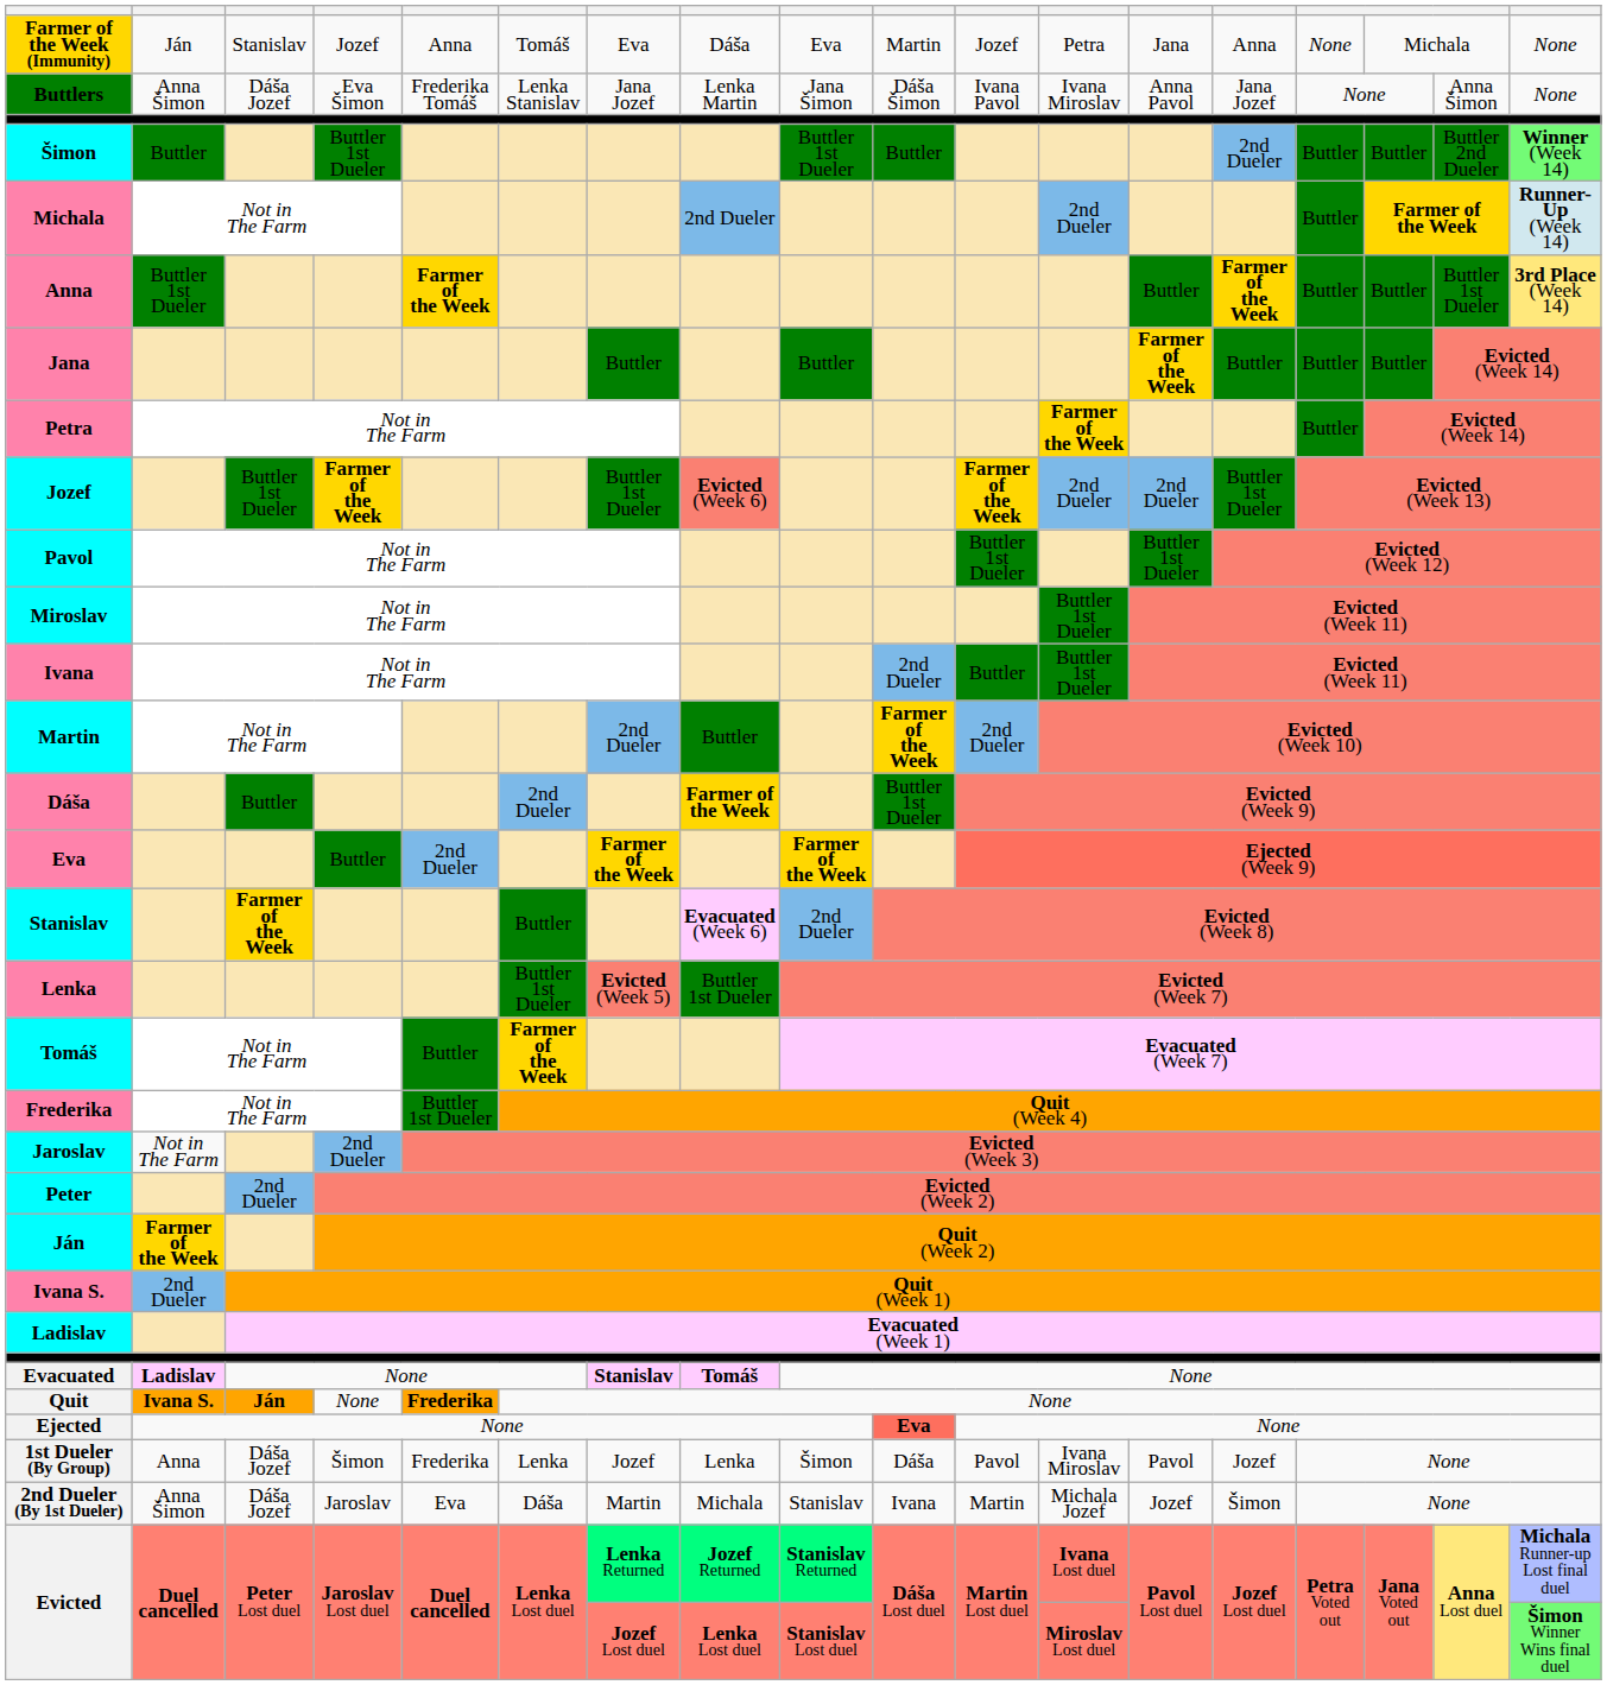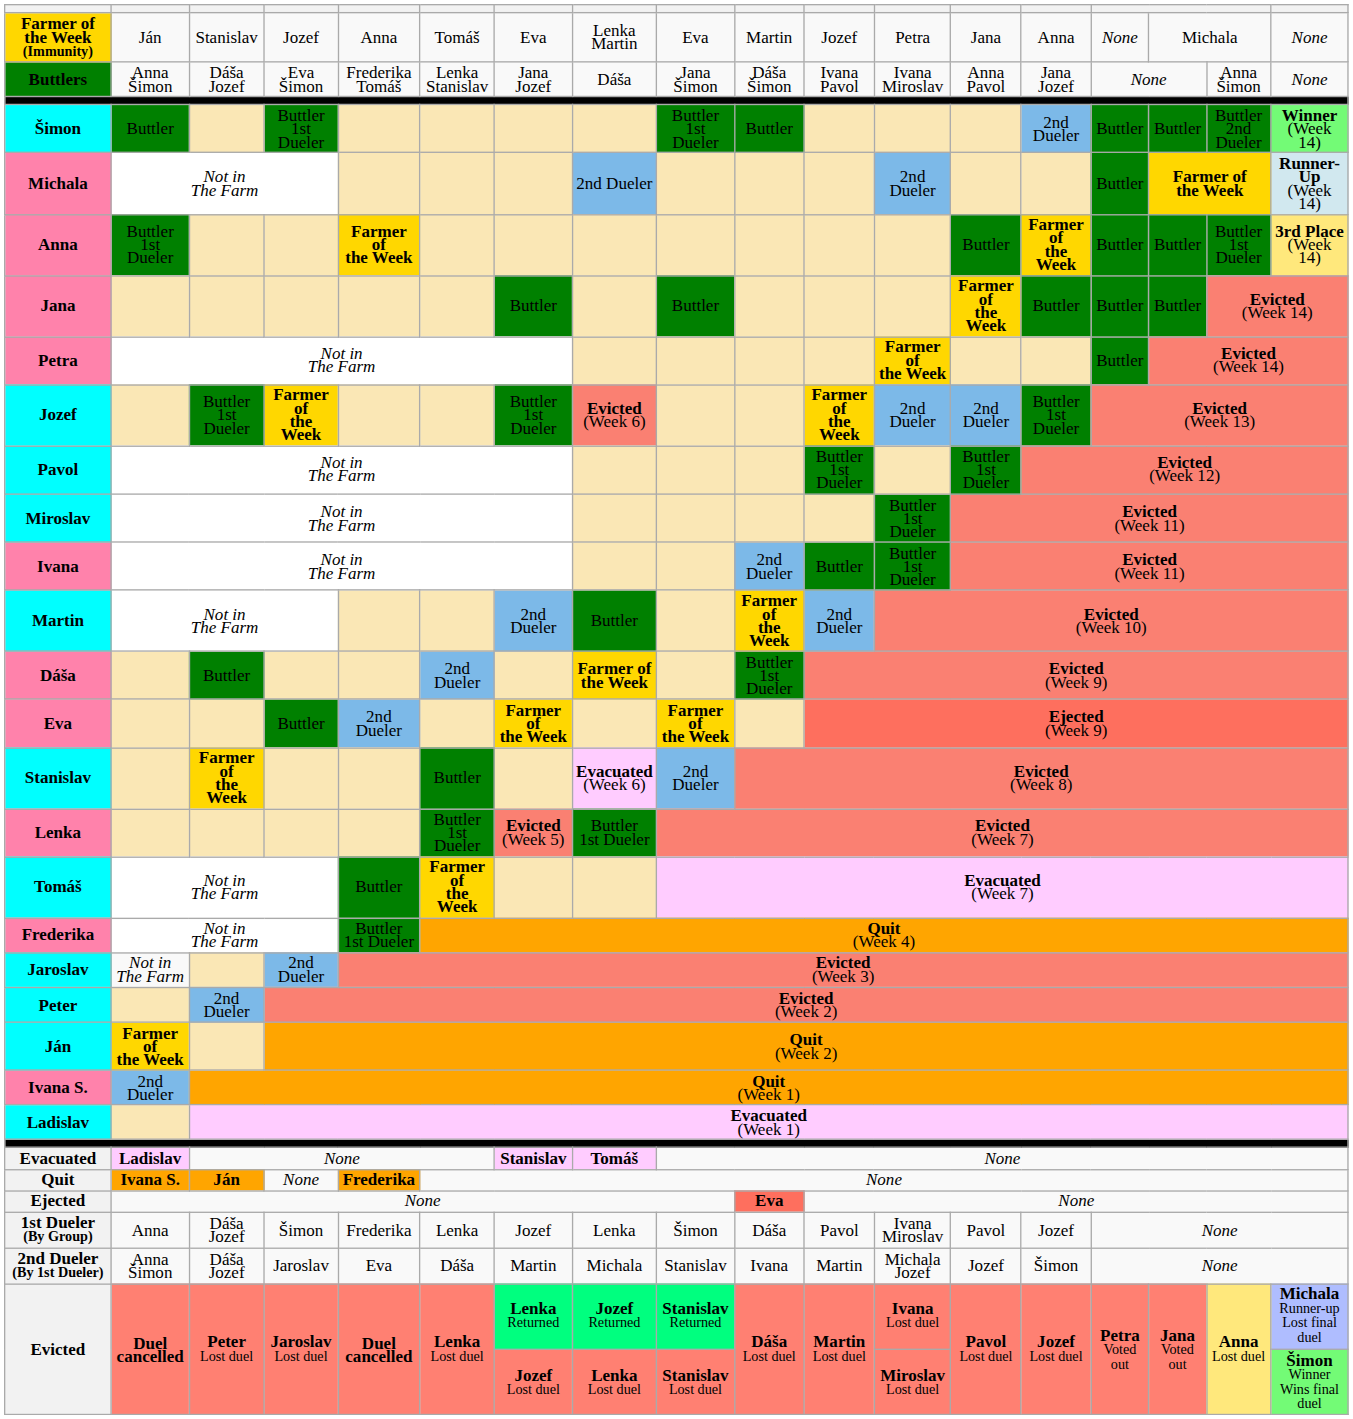 <table class="wikitable" style="text-align:center; width:80%; font-size:80%; line-height:10px">
 <tr>
 <th></th>
 <th></th>
 <th></th>
 <th></th>
 <th></th>
 <th></th>
 <th></th>
 <th></th>
 <th></th>
 <th></th>
 <th></th>
 <th></th>
 <th></th>
 <th></th>
 <th colspan=3></th>
 <th></th>
 </tr>
 <tr>
 <th style="background:gold;" colspan=1>Farmer of the Week<br><small>(Immunity)</small></th>
 <td>Ján</td>
 <td>Stanislav</td>
 <td>Jozef</td>
 <td>Anna</td>
 <td>Tomáš</td>
 <td>Eva</td>
-<td>Dáša</td>
+<td>Lenka<br>Martin</td>
 <td>Eva</td>
 <td>Martin</td>
 <td>Jozef</td>
 <td>Petra</td>
 <td>Jana</td>
 <td>Anna</td>
 <td><em>None</em></td>
 <td colspan=2>Michala</td>
 <td><em>None</em></td>
 </tr>
 <tr>
 <th style="background:#008000;">Buttlers</th>
 <td>Anna<br>Šimon</td>
 <td>Dáša<br>Jozef</td>
 <td>Eva<br>Šimon</td>
 <td>Frederika<br>Tomáš</td>
 <td>Lenka<br>Stanislav</td>
 <td>Jana<br>Jozef</td>
-<td>Lenka<br>Martin</td>
+<td>Dáša</td>
 <td>Jana<br>Šimon</td>
 <td>Dáša<br>Šimon</td>
 <td>Ivana<br>Pavol</td>
 <td>Ivana<br>Miroslav</td>
 <td>Anna<br>Pavol</td>
 <td>Jana<br>Jozef</td>
 <td colspan=2><em>None</em></td>
 <td>Anna<br>Šimon</td>
 <td colspan=2><em>None</em></td>
 </tr>
 <tr>
 <th style="background:#000000;" colspan="18"></th>
 </tr>
 <tr>
 <th style="background:cyan;">Šimon</th>
 <td style="background:#008000;">Buttler</td>
 <td style="background:#FAE7B5;"></td>
 <td style="background:#008000;">Buttler<br>1st Dueler</td>
 <td style="background:#FAE7B5;"></td>
 <td style="background:#FAE7B5;"></td>
 <td style="background:#FAE7B5;"></td>
 <td style="background:#FAE7B5;"></td>
 <td style="background:#008000;">Buttler<br>1st Dueler</td>
 <td style="background:#008000;">Buttler</td>
 <td style="background:#FAE7B5;"></td>
 <td style="background:#FAE7B5;"></td>
 <td style="background:#FAE7B5;"></td>
 <td style="background:#7CB9E8;">2nd Dueler</td>
 <td style="background:#008000;">Buttler</td>
 <td style="background:#008000;">Buttler</td>
 <td style="background:#008000;">Buttler<br>2nd Dueler</td>
 <td style="background:#73FB76" colspan=2><strong>Winner</strong> <br> (Week 14)</td>
 </tr>
 <tr>
 <th style="background:#FF82AB;">Michala</th>
 <td style="background:#FFFFFF; text-align:center;" colspan=3><em>Not in<br>The Farm</em></td>
 <td style="background:#FAE7B5;"></td>
 <td style="background:#FAE7B5;"></td>
 <td style="background:#FAE7B5;"></td>
 <td style="background:#7CB9E8;">2nd Dueler</td>
 <td style="background:#FAE7B5;"></td>
 <td style="background:#FAE7B5;"></td>
 <td style="background:#FAE7B5;"></td>
 <td style="background:#7CB9E8;">2nd Dueler</td>
 <td style="background:#FAE7B5;"></td>
 <td style="background:#FAE7B5;"></td>
 <td style="background:#008000;">Buttler</td>
 <td style="background:gold;" colspan=2><strong>Farmer of<br>the Week</strong></td>
 <td style="background:#D1E8EF" colspan=2><strong>Runner-Up</strong> <br> (Week 14)</td>
 </tr>
 <tr>
 <th style="background:#FF82AB;">Anna</th>
 <td style="background:#008000;">Buttler<br>1st Dueler</td>
 <td style="background:#FAE7B5;"></td>
 <td style="background:#FAE7B5;"></td>
 <td style="background:gold;"><strong>Farmer of<br>the Week</strong></td>
 <td style="background:#FAE7B5;"></td>
 <td style="background:#FAE7B5;"></td>
 <td style="background:#FAE7B5;"></td>
 <td style="background:#FAE7B5;"></td>
 <td style="background:#FAE7B5;"></td>
 <td style="background:#FAE7B5;"></td>
 <td style="background:#FAE7B5;"></td>
 <td style="background:#008000;">Buttler</td>
 <td style="background:gold;"><strong>Farmer of<br>the Week</strong></td>
 <td style="background:#008000;">Buttler</td>
 <td style="background:#008000;">Buttler</td>
 <td style="background:#008000;">Buttler<br>1st Dueler</td>
 <td style="background:#FFE87C" colspan=2><strong>3rd Place</strong> <br> (Week 14)</td>
 </tr>
 <tr>
 <th style="background:#FF82AB;">Jana</th>
 <td style="background:#FAE7B5;"></td>
 <td style="background:#FAE7B5;"></td>
 <td style="background:#FAE7B5;"></td>
 <td style="background:#FAE7B5;"></td>
 <td style="background:#FAE7B5;"></td>
 <td style="background:#008000;">Buttler</td>
 <td style="background:#FAE7B5;"></td>
 <td style="background:#008000;">Buttler</td>
 <td style="background:#FAE7B5;"></td>
 <td style="background:#FAE7B5;"></td>
 <td style="background:#FAE7B5;"></td>
 <td style="background:gold;"><strong>Farmer of<br>the Week</strong></td>
 <td style="background:#008000;">Buttler</td>
 <td style="background:#008000;">Buttler</td>
 <td style="background:#008000;">Buttler</td>
 <td colspan=16 style="background:salmon;"><strong>Evicted</strong> <br> (Week 14)</td>
 </tr>
 <tr>
 <th style="background:#FF82AB;">Petra</th>
 <td style="background:#FFFFFF; text-align:center;" colspan=6><em>Not in<br>The Farm</em></td>
 <td style="background:#FAE7B5;"></td>
 <td style="background:#FAE7B5;"></td>
 <td style="background:#FAE7B5;"></td>
 <td style="background:#FAE7B5;"></td>
 <td style="background:gold;"><strong>Farmer of<br>the Week</strong></td>
 <td style="background:#FAE7B5;"></td>
 <td style="background:#FAE7B5;"></td>
 <td style="background:#008000;">Buttler</td>
 <td colspan=16 style="background:salmon;"><strong>Evicted</strong> <br> (Week 14)</td>
 </tr>
 <tr>
 <th style="background:cyan;">Jozef</th>
 <td style="background:#FAE7B5;"></td>
 <td style="background:#008000;">Buttler<br>1st Dueler</td>
 <td style="background:gold;"><strong>Farmer of<br>the Week</strong></td>
 <td style="background:#FAE7B5;"></td>
 <td style="background:#FAE7B5;"></td>
 <td style="background:#008000;">Buttler<br>1st Dueler</td>
 <td style="background:salmon;"><strong>Evicted</strong> <br> (Week 6)</td>
 <td style="background:#FAE7B5;"></td>
 <td style="background:#FAE7B5;"></td>
 <td style="background:gold;"><strong>Farmer of<br>the Week</strong></td>
 <td style="background:#7CB9E8;">2nd Dueler</td>
 <td style="background:#7CB9E8;">2nd Dueler</td>
 <td style="background:#008000;">Buttler<br>1st Dueler</td>
 <td colspan=16 style="background:salmon;"><strong>Evicted</strong> <br> (Week 13)</td>
 </tr>
 <tr>
 <th style="background:cyan;">Pavol</th>
 <td style="background:#FFFFFF; text-align:center;" colspan=6><em>Not in<br>The Farm</em></td>
 <td style="background:#FAE7B5;"></td>
 <td style="background:#FAE7B5;"></td>
 <td style="background:#FAE7B5;"></td>
 <td style="background:#008000;">Buttler<br>1st Dueler</td>
 <td style="background:#FAE7B5;"></td>
 <td style="background:#008000;">Buttler<br>1st Dueler</td>
 <td colspan=16 style="background:salmon;"><strong>Evicted</strong> <br> (Week 12)</td>
 </tr>
 <tr>
 <th style="background:cyan;">Miroslav</th>
 <td style="background:#FFFFFF; text-align:center;" colspan=6><em>Not in<br>The Farm</em></td>
 <td style="background:#FAE7B5;"></td>
 <td style="background:#FAE7B5;"></td>
 <td style="background:#FAE7B5;"></td>
 <td style="background:#FAE7B5;"></td>
 <td style="background:#008000;">Buttler<br>1st Dueler</td>
 <td colspan=16 style="background:salmon;"><strong>Evicted</strong> <br> (Week 11)</td>
 </tr>
 <tr>
 <th style="background:#FF82AB;">Ivana</th>
 <td style="background:#FFFFFF; text-align:center;" colspan=6><em>Not in<br>The Farm</em></td>
 <td style="background:#FAE7B5;"></td>
 <td style="background:#FAE7B5;"></td>
 <td style="background:#7CB9E8;">2nd Dueler</td>
 <td style="background:#008000;">Buttler</td>
 <td style="background:#008000;">Buttler<br>1st Dueler</td>
 <td colspan=16 style="background:salmon;"><strong>Evicted</strong> <br> (Week 11)</td>
 </tr>
 <tr>
 <th style="background:cyan;">Martin</th>
 <td style="background:#FFFFFF; text-align:center;" colspan=3><em>Not in<br>The Farm</em></td>
 <td style="background:#FAE7B5;"></td>
 <td style="background:#FAE7B5;"></td>
 <td style="background:#7CB9E8;">2nd Dueler</td>
 <td style="background:#008000;">Buttler</td>
 <td style="background:#FAE7B5;"></td>
 <td style="background:gold;"><strong>Farmer of<br>the Week</strong></td>
 <td style="background:#7CB9E8;">2nd Dueler</td>
 <td colspan=16 style="background:salmon;"><strong>Evicted</strong> <br> (Week 10)</td>
 </tr>
 <tr>
 <th style="background:#FF82AB;">Dáša</th>
 <td style="background:#FAE7B5;"></td>
 <td style="background:#008000;">Buttler</td>
 <td style="background:#FAE7B5;"></td>
 <td style="background:#FAE7B5;"></td>
 <td style="background:#7CB9E8;">2nd Dueler</td>
 <td style="background:#FAE7B5;"></td>
 <td style="background:gold;"><strong>Farmer of<br>the Week</strong></td>
 <td style="background:#FAE7B5;"></td>
 <td style="background:#008000;">Buttler<br>1st Dueler</td>
 <td colspan=16 style="background:salmon;"><strong>Evicted</strong> <br> (Week 9)</td>
 </tr>
 <tr>
 <th style="background:#FF82AB;">Eva</th>
 <td style="background:#FAE7B5;"></td>
 <td style="background:#FAE7B5;"></td>
 <td style="background:#008000;">Buttler</td>
 <td style="background:#7CB9E8;">2nd Dueler</td>
 <td style="background:#FAE7B5;"></td>
 <td style="background:gold;"><strong>Farmer of<br>the Week</strong></td>
 <td style="background:#FAE7B5;"></td>
 <td style="background:gold;"><strong>Farmer of<br>the Week</strong></td>
 <td style="background:#FAE7B5;"></td>
 <td style="background:#FE6F5E; text-align:center;" colspan=16><strong>Ejected</strong> <br> (Week 9)</td>
 </tr>
 <tr>
 <th style="background:cyan;">Stanislav</th>
 <td style="background:#FAE7B5;"></td>
 <td style="background:gold;"><strong>Farmer of<br>the Week</strong></td>
 <td style="background:#FAE7B5;"></td>
 <td style="background:#FAE7B5;"></td>
 <td style="background:#008000;">Buttler</td>
 <td style="background:#FAE7B5;"></td>
 <td style="background:#fcf; text-align:center;"><strong>Evacuated</strong> <br> (Week 6)</td>
 <td style="background:#7CB9E8;">2nd Dueler</td>
 <td colspan=16 style="background:salmon;"><strong>Evicted</strong> <br> (Week 8)</td>
 </tr>
 <tr>
 <th style="background:#FF82AB;">Lenka</th>
 <td style="background:#FAE7B5;"></td>
 <td style="background:#FAE7B5;"></td>
 <td style="background:#FAE7B5;"></td>
 <td style="background:#FAE7B5;"></td>
 <td style="background:#008000;">Buttler<br>1st Dueler</td>
 <td style="background:salmon;"><strong>Evicted</strong> <br> (Week 5)</td>
 <td style="background:#008000;">Buttler<br>1st Dueler</td>
 <td colspan=16 style="background:salmon;"><strong>Evicted</strong> <br> (Week 7)</td>
 </tr>
 <tr>
 <th style="background:cyan;">Tomáš</th>
 <td style="background:#FFFFFF; text-align:center;" colspan=3><em>Not in<br>The Farm</em></td>
 <td style="background:#008000;">Buttler</td>
 <td style="background:gold;"><strong>Farmer of<br>the Week</strong></td>
 <td style="background:#FAE7B5;"></td>
 <td style="background:#FAE7B5;"></td>
 <td style="background:#fcf; text-align:center;" colspan=16><strong>Evacuated</strong> <br> (Week 7)</td>
 </tr>
 <tr>
 <th style="background:#FF82AB;">Frederika</th>
 <td style="background:#FFFFFF; text-align:center;" colspan=3><em>Not in<br>The Farm</em></td>
 <td style="background:#008000;">Buttler<br>1st Dueler</td>
 <td style="background:#FFA500; text-align:center;" colspan=15><strong>Quit</strong> <br> (Week 4)</td>
 </tr>
 <tr>
 <th style="background:cyan;">Jaroslav</th>
 <td><em>Not in<br>The Farm</em></td>
 <td style="background:#FAE7B5;"></td>
 <td style="background:#7CB9E8;">2nd Dueler</td>
 <td colspan=16 style="background:salmon;"><strong>Evicted</strong> <br> (Week 3)</td>
 </tr>
 <tr>
 <th style="background:cyan;">Peter</th>
 <td style="background:#FAE7B5;"></td>
 <td style="background:#7CB9E8;">2nd Dueler</td>
 <td colspan=16 style="background:salmon;"><strong>Evicted</strong> <br> (Week 2)</td>
 </tr>
 <tr>
 <th style="background:cyan;">Ján</th>
 <td style="background:gold;"><strong>Farmer of<br>the Week</strong></td>
 <td style="background:#FAE7B5;"></td>
 <td style="background:#FFA500; text-align:center;" colspan=15><strong>Quit</strong> <br> (Week 2)</td>
 </tr>
 <tr>
 <th style="background:#FF82AB;">Ivana S.</th>
 <td style="background:#7CB9E8;">2nd Dueler</td>
 <td style="background:#FFA500; text-align:center;" colspan=16><strong>Quit</strong> <br> (Week 1)</td>
 </tr>
 <tr>
 <th style="background:cyan;">Ladislav</th>
 <td style="background:#FAE7B5;"></td>
 <td style="background:#fcf; text-align:center;" colspan=16><strong>Evacuated</strong> <br> (Week 1)</td>
 </tr>
 <tr>
 <th style="background:#000000;" colspan="19"></th>
 </tr>
 <tr>
 <th>Evacuated</th>
 <td style="background:#fcf;"><strong>Ladislav</strong></td>
 <td colspan="4"><em>None</em></td>
 <td style="background:#fcf;"><strong>Stanislav</strong></td>
 <td style="background:#fcf;"><strong>Tomáš</strong></td>
 <td colspan="14"><em>None</em></td>
 </tr>
 <tr>
 <th>Quit</th>
 <td style="background:#FFA500;"><strong>Ivana S.</strong></td>
 <td style="background:#FFA500;"><strong>Ján</strong></td>
 <td><em>None</em></td>
 <td style="background:#FFA500;"><strong>Frederika</strong></td>
 <td colspan="14"><em>None</em></td>
 </tr>
 <tr>
 <th>Ejected</th>
 <td colspan="8"><em>None</em></td>
 <td style="background:#FE6F5E;"><strong>Eva</strong></td>
 <td colspan="14"><em>None</em></td>
 </tr>
 <tr>
 <th>1st Dueler<br><small>(By Group)</small></th>
 <td>Anna</td>
 <td>Dáša<br>Jozef</td>
 <td>Šimon</td>
 <td>Frederika</td>
 <td>Lenka</td>
 <td>Jozef</td>
 <td>Lenka</td>
 <td>Šimon</td>
 <td>Dáša</td>
 <td>Pavol</td>
 <td>Ivana<br>Miroslav</td>
 <td>Pavol</td>
 <td>Jozef</td>
 <td colspan=4><em>None</em></td>
 </tr>
 <tr>
 <th>2nd Dueler<br><small>(By 1st Dueler)</small></th>
 <td>Anna<br>Šimon</td>
 <td>Dáša<br>Jozef</td>
 <td>Jaroslav</td>
 <td>Eva</td>
 <td>Dáša</td>
 <td>Martin</td>
 <td>Michala</td>
 <td>Stanislav</td>
 <td>Ivana</td>
 <td>Martin</td>
 <td>Michala<br>Jozef</td>
 <td>Jozef</td>
 <td>Šimon</td>
 <td colspan=4><em>None</em></td>
 </tr>
 <tr>
 <th rowspan="2">Evicted</th>
 <td rowspan="2" style="background:#FF8072"><strong>Duel<br>cancelled</strong><br><small></small></td>
 <td rowspan="2" style="background:#FF8072"><strong>Peter</strong><br><small>Lost duel</small></td>
 <td rowspan="2" style="background:#FF8072"><strong>Jaroslav</strong><br><small>Lost duel</small></td>
 <td rowspan="2" style="background:#FF8072"><strong>Duel<br>cancelled</strong><br><small></small></td>
 <td rowspan="2" style="background:#FF8072"><strong>Lenka</strong><br><small>Lost duel</small></td>
 <td style="background:#00FF7F"><strong>Lenka</strong><br><small>Returned</small></td>
 <td style="background:#00FF7F"><strong>Jozef</strong><br><small>Returned</small></td>
 <td style="background:#00FF7F"><strong>Stanislav</strong><br><small>Returned</small></td>
 <td rowspan="2" style="background:#FF8072"><strong>Dáša</strong><br><small>Lost duel</small></td>
 <td rowspan="2" style="background:#FF8072"><strong>Martin</strong><br><small>Lost duel</small></td>
 <td style="background:#FF8072"><strong>Ivana</strong><br><small>Lost duel</small></td>
 <td rowspan="2" style="background:#FF8072"><strong>Pavol</strong><br><small>Lost duel</small></td>
 <td rowspan="2" style="background:#FF8072"><strong>Jozef</strong><br><small>Lost duel</small></td>
 <td rowspan="2" style="background:#FF8072"><strong>Petra</strong><br><small>Voted out</small></td>
 <td rowspan="2" style="background:#FF8072"><strong>Jana</strong><br><small>Voted out</small></td>
 <td rowspan="2" style="background:#FFE87C"><strong>Anna</strong><br><small>Lost duel</small></td>
 <td style="background:#afbdff"><strong>Michala</strong><br><small>Runner-up<br>Lost final duel</small></td>
 </tr>
 <tr>
 <td style="background:#FF8072"><strong>Jozef</strong><br><small>Lost duel</small></td>
 <td style="background:#FF8072"><strong>Lenka</strong><br><small>Lost duel</small></td>
 <td style="background:#FF8072"><strong>Stanislav</strong><br><small>Lost duel</small></td>
 <td style="background:#FF8072"><strong>Miroslav</strong><br><small>Lost duel</small></td>
 <td style="background:#73FB76"><strong>Šimon</strong><br><small>Winner<br>Wins final duel</small></td>
 </tr>
 </table>
